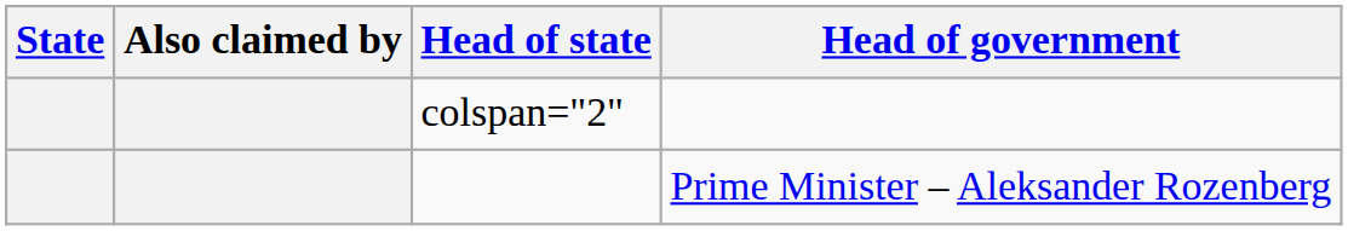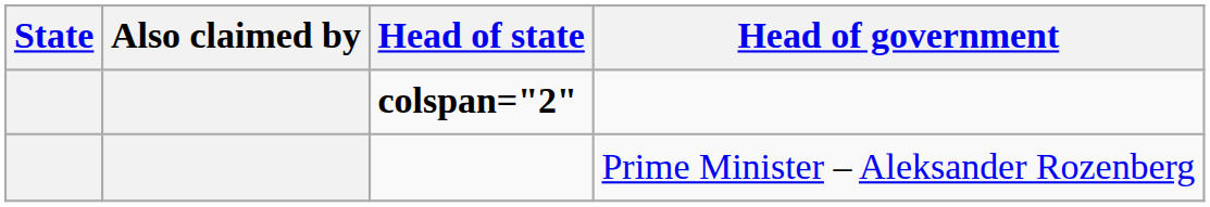 <table class="wikitable plainrowheaders" style="line-height:1.3em; max-width:1200px">
 <tr>
 <th><a href='#'>State</a></th>
 <th>Also claimed by</th>
 <th><a href='#'>Head of state</a></th>
 <th><a href='#'>Head of government</a></th>
 </tr>
 <tr>
 <th scope="row"></th>
 <th scope="row"></th>
-<td>colspan="2" </td>
+<td><strong>colspan="2" </strong></td>
 </tr>
 <tr>
 <th scope="row"></th>
 <th scope="row"></th>
 <td></td>
 <td><a href='#'>Prime Minister</a> – <a href='#'>Aleksander Rozenberg</a></td>
 </tr>
 </table>
